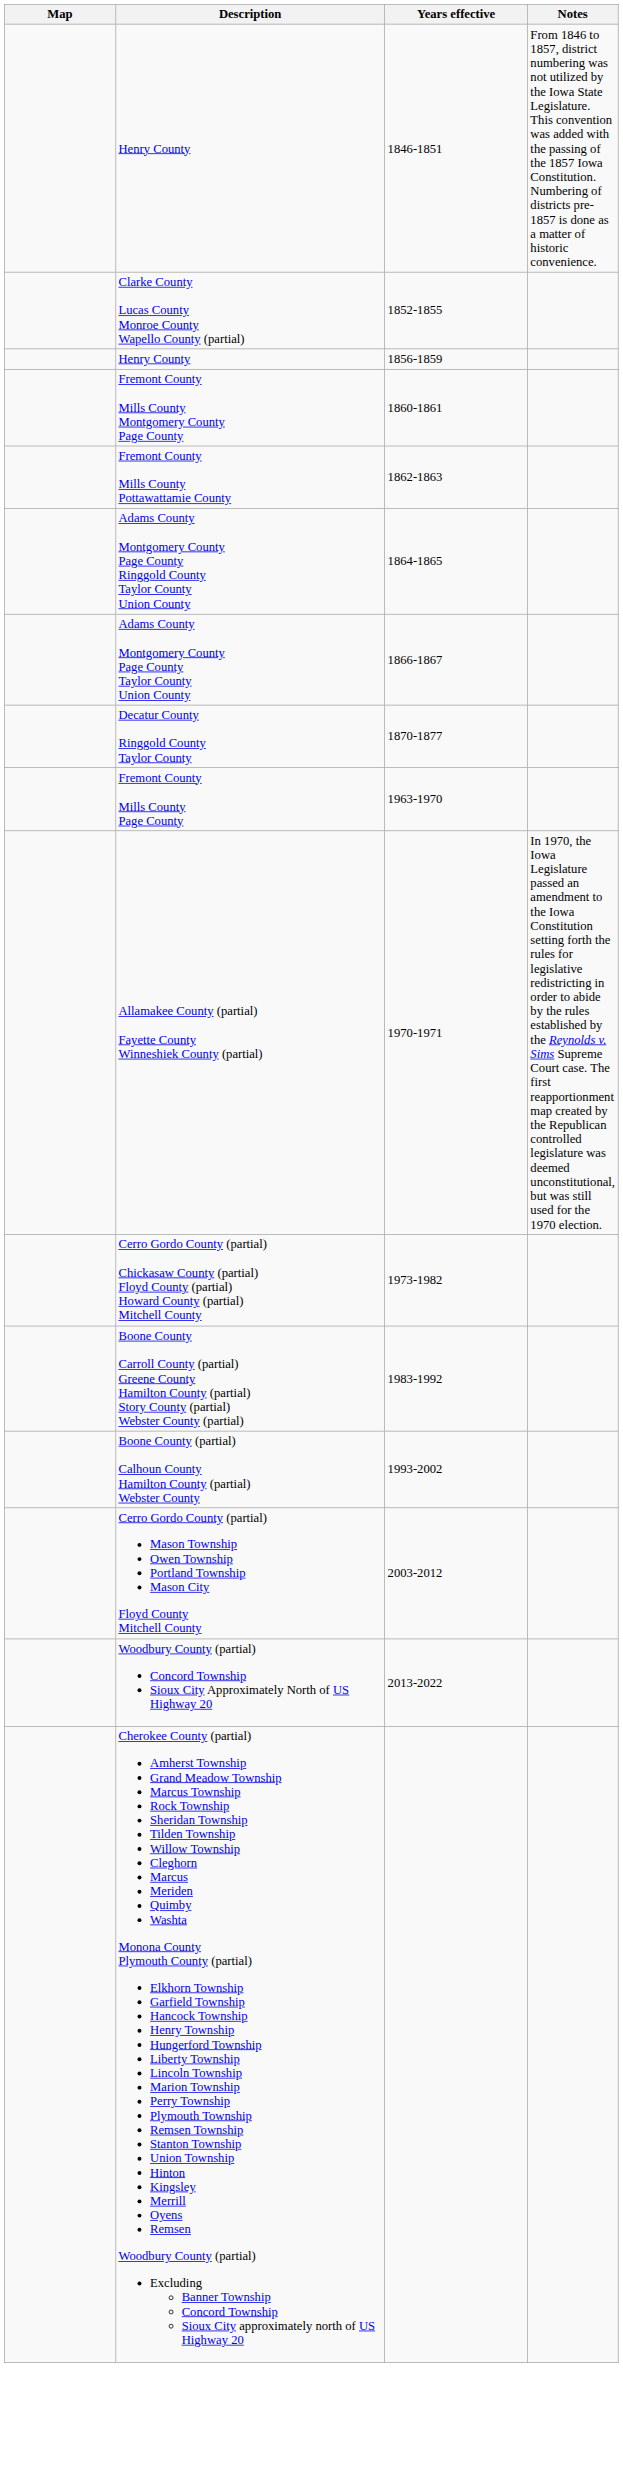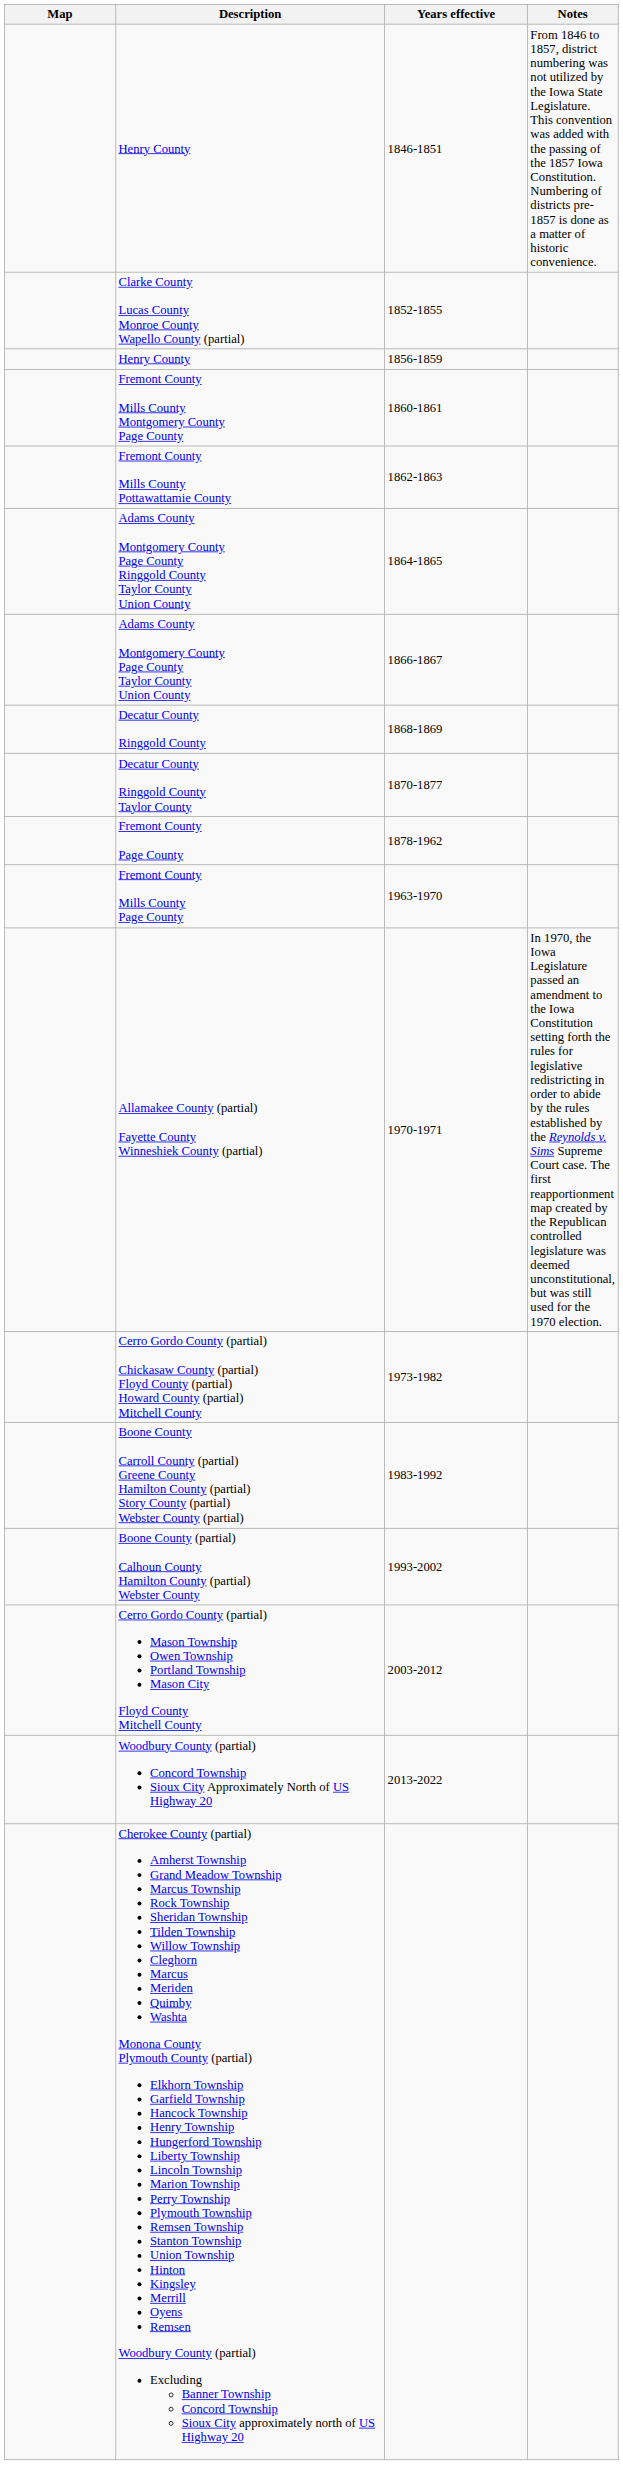 <table class="wikitable sortable">
 <tr>
 <th style="width:100pt;">Map</th>
 <th style="width:250pt;">Description</th>
 <th style="width:130pt;">Years effective</th>
 <th style="width:15pt;">Notes</th>
 </tr>
 <tr>
 <td></td>
 <td><a href='#'>Henry County</a></td>
 <td>1846-1851</td>
 <td>From 1846 to 1857, district numbering was not utilized by the Iowa State Legislature. This convention was added with the passing of the 1857 Iowa Constitution. Numbering of districts pre-1857 is done as a matter of historic convenience.</td>
 </tr>
 <tr>
 <td></td>
 <td><a href='#'>Clarke County</a><br><br><a href='#'>Lucas County</a><br> <a href='#'>Monroe County</a><br> <a href='#'>Wapello County</a> (partial)</td>
 <td>1852-1855</td>
 <td></td>
 </tr>
 <tr>
 <td></td>
 <td><a href='#'>Henry County</a></td>
 <td>1856-1859</td>
 <td></td>
 </tr>
 <tr>
 <td></td>
 <td><a href='#'>Fremont County</a><br><br><a href='#'>Mills County</a><br> <a href='#'>Montgomery County</a><br> <a href='#'>Page County</a></td>
 <td>1860-1861</td>
 <td></td>
 </tr>
 <tr>
 <td></td>
 <td><a href='#'>Fremont County</a><br><br><a href='#'>Mills County</a><br> <a href='#'>Pottawattamie County</a></td>
 <td>1862-1863</td>
 <td></td>
 </tr>
 <tr>
 <td></td>
 <td><a href='#'>Adams County</a><br><br><a href='#'>Montgomery County</a><br> <a href='#'>Page County</a><br> <a href='#'>Ringgold County</a><br> <a href='#'>Taylor County</a><br> <a href='#'>Union County</a></td>
 <td>1864-1865</td>
 <td></td>
 </tr>
 <tr>
 <td></td>
 <td><a href='#'>Adams County</a><br><br><a href='#'>Montgomery County</a><br> <a href='#'>Page County</a><br> <a href='#'>Taylor County</a><br> <a href='#'>Union County</a></td>
 <td>1866-1867</td>
 <td></td>
 </tr>
 <tr>
 <td></td>
+<td><a href='#'>Decatur County</a><br><br><a href='#'>Ringgold County</a></td>
+<td>1868-1869</td>
+<td></td>
+</tr>
+<tr>
+<td></td>
 <td><a href='#'>Decatur County</a><br><br><a href='#'>Ringgold County</a><br> <a href='#'>Taylor County</a></td>
 <td>1870-1877</td>
+<td></td>
+</tr>
+<tr>
+<td></td>
+<td><a href='#'>Fremont County</a><br><br><a href='#'>Page County</a></td>
+<td>1878-1962</td>
 <td></td>
 </tr>
 <tr>
 <td></td>
 <td><a href='#'>Fremont County</a><br><br><a href='#'>Mills County</a><br> <a href='#'>Page County</a></td>
 <td>1963-1970</td>
 <td></td>
 </tr>
 <tr>
 <td></td>
 <td><a href='#'>Allamakee County</a> (partial)<br><br><a href='#'>Fayette County</a><br> <a href='#'>Winneshiek County</a> (partial)</td>
 <td>1970-1971</td>
 <td>In 1970, the Iowa Legislature passed an amendment to the Iowa Constitution setting forth the rules for legislative redistricting in order to abide by the rules established by the <em><a href='#'>Reynolds v. Sims</a></em> Supreme Court case. The first reapportionment map created by the Republican controlled legislature was deemed unconstitutional, but was still used for the 1970 election.</td>
 </tr>
 <tr>
 <td></td>
 <td><a href='#'>Cerro Gordo County</a> (partial)<br><br><a href='#'>Chickasaw County</a> (partial)<br> <a href='#'>Floyd County</a> (partial)<br> <a href='#'>Howard County</a> (partial)<br> <a href='#'>Mitchell County</a></td>
 <td>1973-1982</td>
 <td></td>
 </tr>
 <tr>
 <td></td>
 <td><a href='#'>Boone County</a><br><br><a href='#'>Carroll County</a> (partial)<br> <a href='#'>Greene County</a><br> <a href='#'>Hamilton County</a> (partial)<br> <a href='#'>Story County</a> (partial)<br> <a href='#'>Webster County</a> (partial)</td>
 <td>1983-1992</td>
 <td></td>
 </tr>
 <tr>
 <td></td>
 <td><a href='#'>Boone County</a> (partial)<br><br><a href='#'>Calhoun County</a><br> <a href='#'>Hamilton County</a> (partial)<br> <a href='#'>Webster County</a></td>
 <td>1993-2002</td>
 <td></td>
 </tr>
 <tr>
 <td></td>
 <td><a href='#'>Cerro Gordo County</a> (partial)<br><ul><li><a href='#'>Mason Township</a></li><li><a href='#'>Owen Township</a></li><li><a href='#'>Portland Township</a></li><li><a href='#'>Mason City</a></li></ul><a href='#'>Floyd County</a><br> <a href='#'>Mitchell County</a></td>
 <td>2003-2012</td>
 <td></td>
 </tr>
 <tr>
 <td></td>
 <td><a href='#'>Woodbury County</a> (partial)<br><ul><li><a href='#'>Concord Township</a></li><li><a href='#'>Sioux City</a> Approximately North of <a href='#'>US Highway 20</a></li></ul></td>
 <td>2013-2022</td>
 <td></td>
 </tr>
 <tr>
 <td></td>
 <td><a href='#'>Cherokee County</a> (partial)<br><ul><li><a href='#'>Amherst Township</a></li><li><a href='#'>Grand Meadow Township</a></li><li><a href='#'>Marcus Township</a></li><li><a href='#'>Rock Township</a></li><li><a href='#'>Sheridan Township</a></li><li><a href='#'>Tilden Township</a></li><li><a href='#'>Willow Township</a></li><li><a href='#'>Cleghorn</a></li><li><a href='#'>Marcus</a></li><li><a href='#'>Meriden</a></li><li><a href='#'>Quimby</a></li><li><a href='#'>Washta</a></li></ul><a href='#'>Monona County</a><br> <a href='#'>Plymouth County</a> (partial)<ul><li><a href='#'>Elkhorn Township</a></li><li><a href='#'>Garfield Township</a></li><li><a href='#'>Hancock Township</a></li><li><a href='#'>Henry Township</a></li><li><a href='#'>Hungerford Township</a></li><li><a href='#'>Liberty Township</a></li><li><a href='#'>Lincoln Township</a></li><li><a href='#'>Marion Township</a></li><li><a href='#'>Perry Township</a></li><li><a href='#'>Plymouth Township</a></li><li><a href='#'>Remsen Township</a></li><li><a href='#'>Stanton Township</a></li><li><a href='#'>Union Township</a></li><li><a href='#'>Hinton</a></li><li><a href='#'>Kingsley</a></li><li><a href='#'>Merrill</a></li><li><a href='#'>Oyens</a></li><li><a href='#'>Remsen</a></li></ul><a href='#'>Woodbury County</a> (partial)<ul><li>Excluding<ul><li><a href='#'>Banner Township</a></li><li><a href='#'>Concord Township</a></li><li><a href='#'>Sioux City</a> approximately north of <a href='#'>US Highway 20</a></li></ul></li></ul></td>
 <td></td>
 </tr>
 </table>
